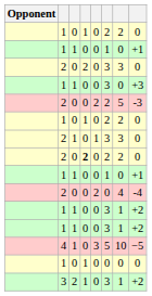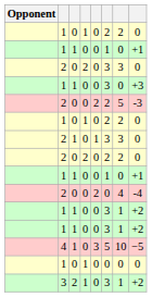 <table class="wikitable sortable" style="text-align:center">
 <tr>
 <th>Opponent</th>
 <th></th>
 <th></th>
 <th></th>
 <th></th>
 <th></th>
 <th></th>
 <th></th>
 </tr>
 <tr bgcolor=#FFFFCC>
 <td align="left"></td>
 <td>1</td>
 <td>0</td>
 <td>1</td>
 <td>0</td>
 <td>2</td>
 <td>2</td>
 <td>0</td>
 </tr>
 <tr bgcolor=#CCFFCC>
 <td align="left"></td>
 <td>1</td>
 <td>1</td>
 <td>0</td>
 <td>0</td>
 <td>1</td>
 <td>0</td>
 <td>+1</td>
 </tr>
 <tr bgcolor=#FFFFCC>
 <td align="left"></td>
 <td>2</td>
 <td>0</td>
 <td>2</td>
 <td>0</td>
 <td>3</td>
 <td>3</td>
 <td>0</td>
 </tr>
 <tr bgcolor=#CCFFCC>
 <td align="left"></td>
 <td>1</td>
 <td>1</td>
 <td>0</td>
 <td>0</td>
 <td>3</td>
 <td>0</td>
 <td>+3</td>
 </tr>
 <tr bgcolor=#FFCCCC>
 <td align="left"></td>
 <td>2</td>
 <td>0</td>
 <td>0</td>
 <td>2</td>
 <td>2</td>
 <td>5</td>
 <td>-3</td>
 </tr>
 <tr bgcolor=#FFFFCC>
 <td align="left"></td>
 <td>1</td>
 <td>0</td>
 <td>1</td>
 <td>0</td>
 <td>2</td>
 <td>2</td>
 <td>0</td>
 </tr>
 <tr bgcolor=#FFFFCC>
 <td align="left"></td>
 <td>2</td>
 <td>1</td>
 <td>0</td>
 <td>1</td>
 <td>3</td>
 <td>3</td>
 <td>0</td>
 </tr>
 <tr bgcolor=#FFFFCC>
 <td align="left"></td>
 <td>2</td>
 <td>0</td>
-<td><strong>2</strong></td>
+<td>2</td>
 <td>0</td>
 <td>2</td>
 <td>2</td>
 <td>0</td>
 </tr>
 <tr bgcolor=#CCFFCC>
 <td align="left"></td>
 <td>1</td>
 <td>1</td>
 <td>0</td>
 <td>0</td>
 <td>1</td>
 <td>0</td>
 <td>+1</td>
 </tr>
 <tr bgcolor=#FFCCCC>
 <td align="left"></td>
 <td>2</td>
 <td>0</td>
 <td>0</td>
 <td>2</td>
 <td>0</td>
 <td>4</td>
 <td>-4</td>
 </tr>
 <tr bgcolor=#CCFFCC>
 <td align="left"></td>
 <td>1</td>
 <td>1</td>
 <td>0</td>
 <td>0</td>
 <td>3</td>
 <td>1</td>
 <td>+2</td>
 </tr>
 <tr bgcolor=#CCFFCC>
 <td align="left"></td>
 <td>1</td>
 <td>1</td>
 <td>0</td>
 <td>0</td>
 <td>3</td>
 <td>1</td>
 <td>+2</td>
 </tr>
 <tr bgcolor=#FFCCCC>
 <td align="left"></td>
 <td>4</td>
 <td>1</td>
 <td>0</td>
 <td>3</td>
 <td>5</td>
 <td>10</td>
 <td>−5</td>
 </tr>
 <tr bgcolor=#FFFFCC>
 <td align="left"></td>
 <td>1</td>
 <td>0</td>
 <td>1</td>
 <td>0</td>
 <td>0</td>
 <td>0</td>
 <td>0</td>
 </tr>
 <tr bgcolor=#CCFFCC>
 <td align="left"></td>
 <td>3</td>
 <td>2</td>
 <td>1</td>
 <td>0</td>
 <td>3</td>
 <td>1</td>
 <td>+2</td>
 </tr>
 </table>
